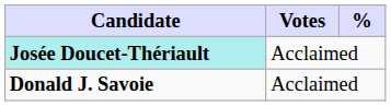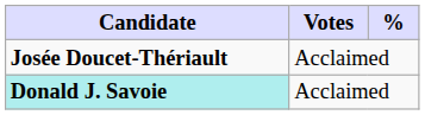 <table class="wikitable">
 <tr>
 <th style="background:#ddf; width:200px;">Candidate</th>
 <th style="background:#ddf; width:50px;">Votes</th>
 <th style="background:#ddf; width:30px;">%</th>
 </tr>
 <tr>
-<td style="background: paleturquoise;"><strong>Josée Doucet-Thériault</strong></td>
+<td><strong>Josée Doucet-Thériault</strong></td>
 <td colspan="2">Acclaimed</td>
 </tr>
 <tr>
-<td><strong>Donald J. Savoie</strong></td>
+<td style="background: paleturquoise;"><strong>Donald J. Savoie</strong></td>
 <td colspan="2">Acclaimed</td>
 </tr>
 </table>
